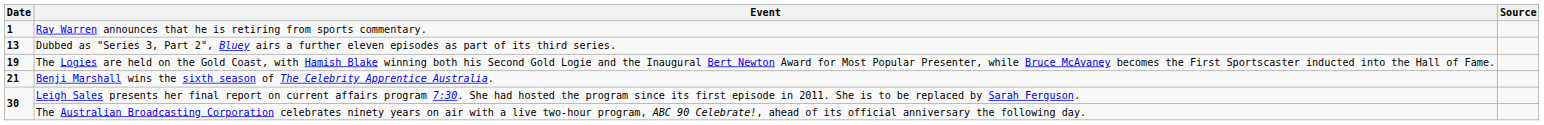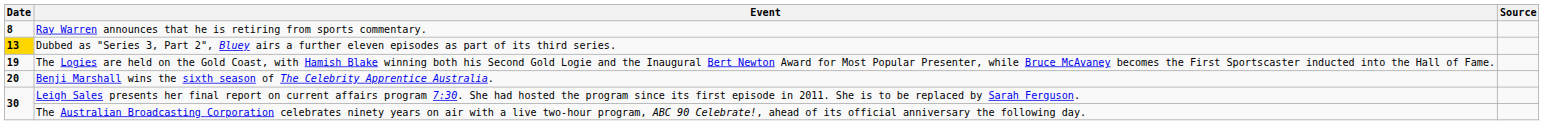 <table class="wikitable">
 <tr>
 <th>Date</th>
 <th>Event</th>
 <th>Source</th>
 </tr>
 <tr>
-<td><strong>1</strong></td>
+<td><strong>8</strong></td>
 <td><a href='#'>Ray Warren</a> announces that he is retiring from sports commentary.</td>
 <td></td>
 </tr>
 <tr>
-<td><strong>13</strong></td>
+<td style="background: gold;"><strong>13</strong></td>
 <td>Dubbed as "Series 3, Part 2", <em><a href='#'>Bluey</a></em> airs a further eleven episodes as part of its third series.</td>
 <td></td>
 </tr>
 <tr>
 <td><strong>19</strong></td>
 <td>The <a href='#'>Logies</a> are held on the Gold Coast, with <a href='#'>Hamish Blake</a> winning both his Second Gold Logie and the Inaugural <a href='#'>Bert Newton</a> Award for Most Popular Presenter, while <a href='#'>Bruce McAvaney</a> becomes the First Sportscaster inducted into the Hall of Fame.</td>
 <td></td>
 </tr>
 <tr>
-<td><strong>21</strong></td>
+<td><strong>20</strong></td>
 <td><a href='#'>Benji Marshall</a> wins the <a href='#'>sixth season</a> of <em><a href='#'>The Celebrity Apprentice Australia</a></em>.</td>
 <td></td>
 </tr>
 <tr>
 <td rowspan=2><strong>30</strong></td>
 <td><a href='#'>Leigh Sales</a> presents her final report on current affairs program <em><a href='#'>7:30</a></em>. She had hosted the program since its first episode in 2011. She is to be replaced by <a href='#'>Sarah Ferguson</a>.</td>
 <td></td>
 </tr>
 <tr>
 <td>The <a href='#'>Australian Broadcasting Corporation</a> celebrates ninety years on air with a live two-hour program, <em>ABC 90 Celebrate!</em>, ahead of its official anniversary the following day.</td>
 <td></td>
 </tr>
 </table>
